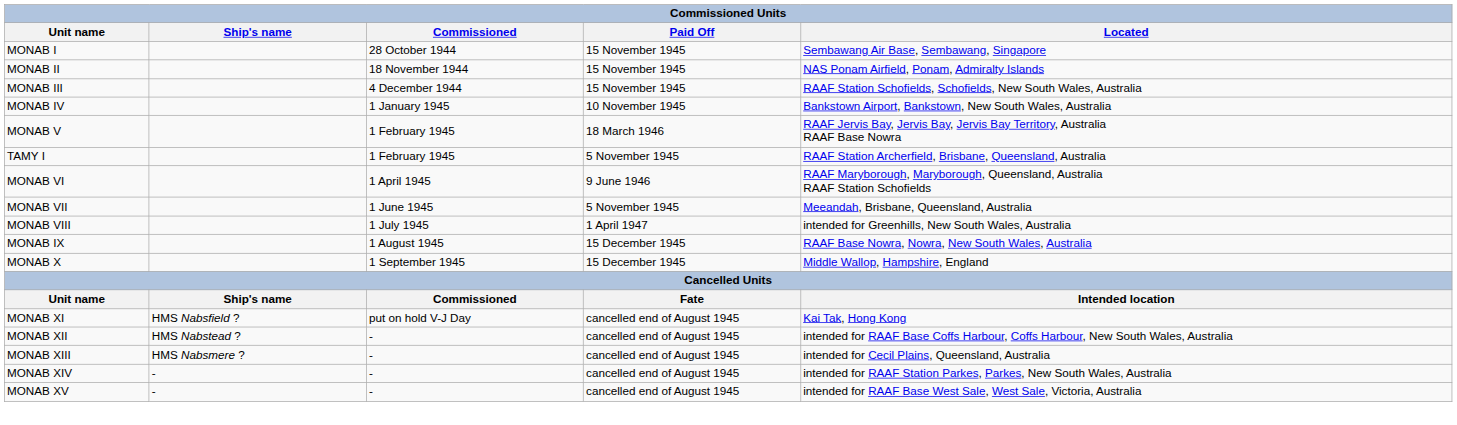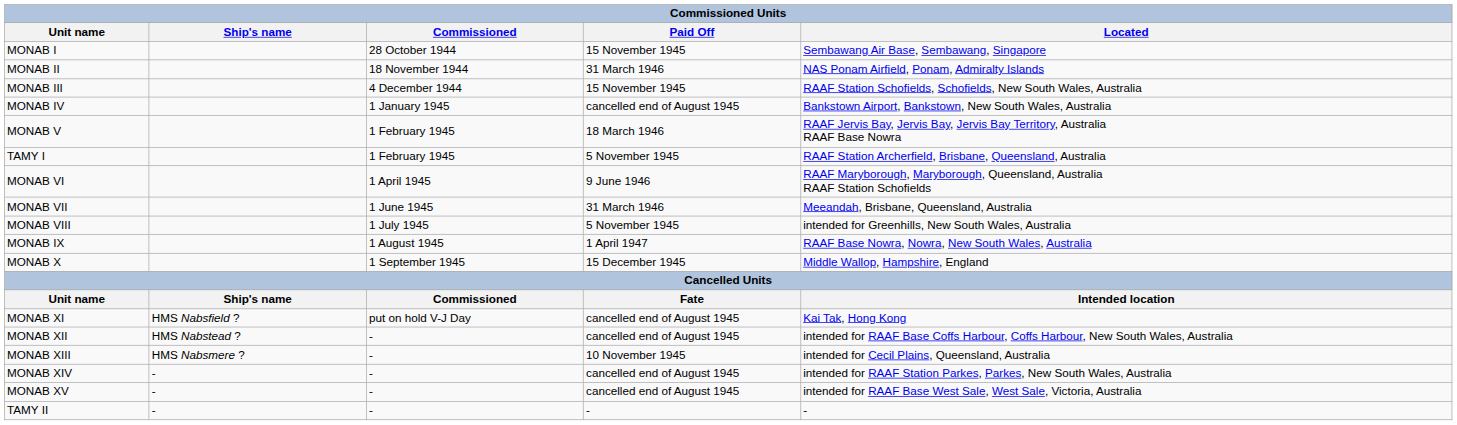 <table class="wikitable" style="margin:auto; width:100%;">
 <tr>
 <th style="align: center; background:#B0C4DE;" colspan="5">Commissioned Units</th>
 </tr>
 <tr>
 <th style="text-align:center; width:10%;">Unit name</th>
 <th style="text-align:center; width:15%;"><a href='#'>Ship's name</a></th>
 <th style="text-align:center; width:15%;"><a href='#'>Commissioned</a></th>
 <th style="text-align:center; width:15%;"><a href='#'>Paid Off</a></th>
 <th style="text-align:center; width:45%;"><a href='#'>Located</a></th>
 </tr>
 <tr>
 <td>MONAB I</td>
 <td></td>
 <td>28 October 1944</td>
 <td>15 November 1945</td>
 <td><a href='#'>Sembawang Air Base</a>, <a href='#'>Sembawang</a>, <a href='#'>Singapore</a></td>
 </tr>
 <tr>
 <td>MONAB II</td>
 <td></td>
 <td>18 November 1944</td>
-<td>15 November 1945</td>
+<td>31 March 1946</td>
 <td><a href='#'>NAS Ponam Airfield</a>, <a href='#'>Ponam</a>, <a href='#'>Admiralty Islands</a></td>
 </tr>
 <tr>
 <td>MONAB III</td>
 <td></td>
 <td>4 December 1944</td>
 <td>15 November 1945</td>
 <td><a href='#'>RAAF Station Schofields</a>, <a href='#'>Schofields</a>, New South Wales, Australia</td>
 </tr>
 <tr>
 <td>MONAB IV</td>
 <td></td>
 <td>1 January 1945</td>
-<td>10 November 1945</td>
+<td>cancelled end of August 1945</td>
 <td><a href='#'>Bankstown Airport</a>, <a href='#'>Bankstown</a>, New South Wales, Australia</td>
 </tr>
 <tr>
 <td>MONAB V</td>
 <td></td>
 <td>1 February 1945</td>
 <td>18 March 1946</td>
 <td><a href='#'>RAAF Jervis Bay</a>, <a href='#'>Jervis Bay</a>, <a href='#'>Jervis Bay Territory</a>, Australia<br>RAAF Base Nowra</td>
 </tr>
 <tr>
 <td>TAMY I</td>
 <td></td>
 <td>1 February 1945</td>
 <td>5 November 1945</td>
 <td><a href='#'>RAAF Station Archerfield</a>, <a href='#'>Brisbane</a>, <a href='#'>Queensland</a>, Australia</td>
 </tr>
 <tr>
 <td>MONAB VI</td>
 <td></td>
 <td>1 April 1945</td>
 <td>9 June 1946</td>
 <td><a href='#'>RAAF Maryborough</a>, <a href='#'>Maryborough</a>, Queensland, Australia<br>RAAF Station Schofields</td>
 </tr>
 <tr>
 <td>MONAB VII</td>
 <td></td>
 <td>1 June 1945</td>
-<td>5 November 1945</td>
+<td>31 March 1946</td>
 <td><a href='#'>Meeandah</a>, Brisbane, Queensland, Australia</td>
 </tr>
 <tr>
 <td>MONAB VIII</td>
 <td></td>
 <td>1 July 1945</td>
-<td>1 April 1947</td>
+<td>5 November 1945</td>
 <td>intended for Greenhills, New South Wales, Australia</td>
 </tr>
 <tr>
 <td>MONAB IX</td>
 <td></td>
 <td>1 August 1945</td>
-<td>15 December 1945</td>
+<td>1 April 1947</td>
 <td><a href='#'>RAAF Base Nowra</a>, <a href='#'>Nowra</a>, <a href='#'>New South Wales</a>, <a href='#'>Australia</a></td>
 </tr>
 <tr>
 <td>MONAB X</td>
 <td></td>
 <td>1 September 1945</td>
 <td>15 December 1945</td>
 <td><a href='#'>Middle Wallop</a>, <a href='#'>Hampshire</a>, England</td>
 </tr>
 <tr>
 <th style="align: center; background:#B0C4DE;" colspan="5">Cancelled Units</th>
 </tr>
 <tr>
 <th style="text-align:center; width:10%;">Unit name</th>
 <th style="text-align:center; width:15%;">Ship's name</th>
 <th style="text-align:center; width:15%;">Commissioned</th>
 <th style="text-align:center; width:15%;">Fate</th>
 <th style="text-align:center; width:45%;">Intended location</th>
 </tr>
 <tr>
 <td>MONAB XI</td>
 <td>HMS <em>Nabsfield</em> ?</td>
 <td>put on hold V-J Day</td>
 <td>cancelled end of August 1945</td>
 <td><a href='#'>Kai Tak</a>, <a href='#'>Hong Kong</a></td>
 </tr>
 <tr>
 <td>MONAB XII</td>
 <td>HMS <em>Nabstead</em> ?</td>
 <td>-</td>
 <td>cancelled end of August 1945</td>
 <td>intended for <a href='#'>RAAF Base Coffs Harbour</a>, <a href='#'>Coffs Harbour</a>, New South Wales, Australia</td>
 </tr>
 <tr>
 <td>MONAB XIII</td>
 <td>HMS <em>Nabsmere</em> ?</td>
 <td>-</td>
-<td>cancelled end of August 1945</td>
+<td>10 November 1945</td>
 <td>intended for <a href='#'>Cecil Plains</a>, Queensland, Australia</td>
 </tr>
 <tr>
 <td>MONAB XIV</td>
 <td>-</td>
 <td>-</td>
 <td>cancelled end of August 1945</td>
 <td>intended for <a href='#'>RAAF Station Parkes</a>, <a href='#'>Parkes</a>, New South Wales, Australia</td>
 </tr>
 <tr>
 <td>MONAB XV</td>
 <td>-</td>
 <td>-</td>
 <td>cancelled end of August 1945</td>
 <td>intended for <a href='#'>RAAF Base West Sale</a>, <a href='#'>West Sale</a>, Victoria, Australia</td>
 </tr>
+<tr>
+<td>TAMY II</td>
+<td>-</td>
+<td>-</td>
+<td>-</td>
+<td>-</td>
+</tr>
 </table>
